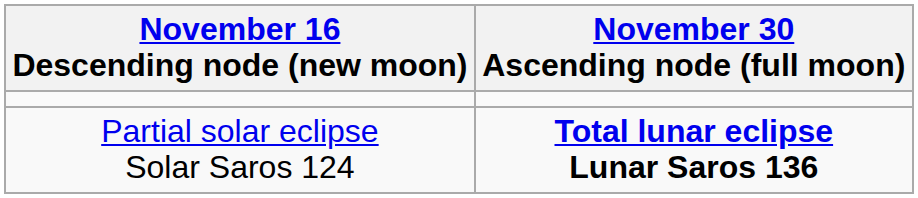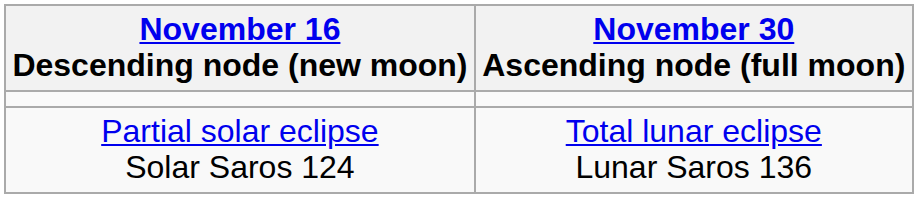 <table class="wikitable">
 <tr>
 <th><a href='#'>November 16</a><br>Descending node (new moon)<br></th>
 <th><a href='#'>November 30</a><br>Ascending node (full moon)<br></th>
 </tr>
 <tr>
 <td></td>
 <td></td>
 </tr>
 <tr align=center>
 <td><a href='#'>Partial solar eclipse</a><br>Solar Saros 124</td>
-<td><strong><a href='#'>Total lunar eclipse</a><br>Lunar Saros 136</strong></td>
+<td><a href='#'>Total lunar eclipse</a><br>Lunar Saros 136</td>
 </tr>
 </table>
